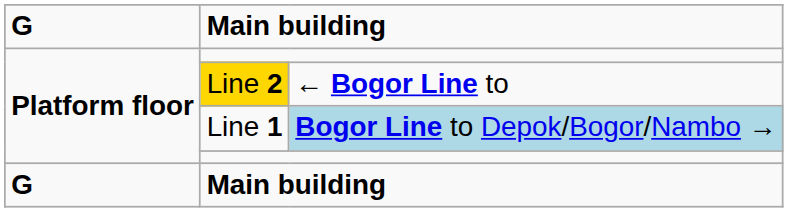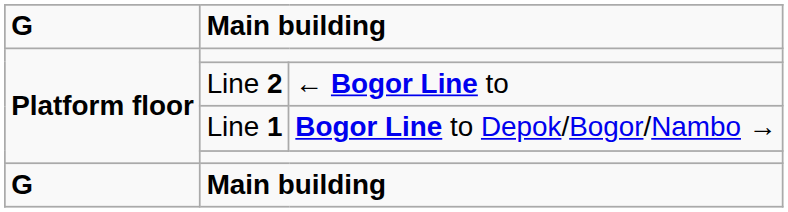 <table class="wikitable">
 <tr>
 <td><strong>G</strong></td>
 <td colspan="2"><strong>Main building</strong></td>
 </tr>
 <tr>
 <td rowspan="4"><strong>Platform floor</strong></td>
 <td colspan="2"></td>
 </tr>
 <tr>
-<td style="background: gold;">Line <strong>2</strong></td>
+<td>Line <strong>2</strong></td>
 <td>←   <strong><a href='#'>Bogor Line</a></strong> to </td>
 </tr>
 <tr>
 <td>Line <strong>1</strong></td>
-<td style="background: lightblue;"> <strong><a href='#'>Bogor Line</a></strong> to <a href='#'>Depok</a>/<a href='#'>Bogor</a>/<a href='#'>Nambo</a>  →</td>
+<td> <strong><a href='#'>Bogor Line</a></strong> to <a href='#'>Depok</a>/<a href='#'>Bogor</a>/<a href='#'>Nambo</a>  →</td>
 </tr>
 <tr>
 <td colspan="2"></td>
 </tr>
 <tr>
 <td><strong>G</strong></td>
 <td colspan="2"><strong>Main building</strong></td>
 </tr>
 </table>
